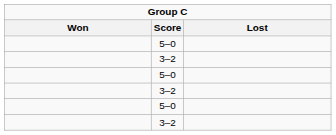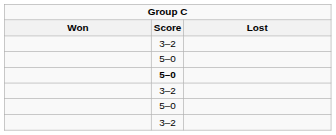 <table class="wikitable" style="text-align: center;">
 <tr>
 <td colspan="3"><strong>Group C</strong></td>
 </tr>
 <tr>
 <th scope="col" style="width: 230px;">Won</th>
 <th scope="col" style="width: 30px;">Score</th>
 <th scope="col" style="width: 230px;">Lost</th>
 </tr>
 <tr>
 <td></td>
-<td>5–0</td>
-<td></td>
-</tr>
-<tr>
-<td></td>
 <td>3–2</td>
 <td></td>
 </tr>
 <tr>
 <td></td>
 <td>5–0</td>
+<td></td>
+</tr>
+<tr>
+<td></td>
+<td><strong>5–0</strong></td>
 <td></td>
 </tr>
 <tr>
 <td></td>
 <td>3–2</td>
 <td></td>
 </tr>
 <tr>
 <td></td>
 <td>5–0</td>
 <td></td>
 </tr>
 <tr>
 <td></td>
 <td>3–2</td>
 <td></td>
 </tr>
 </table>
